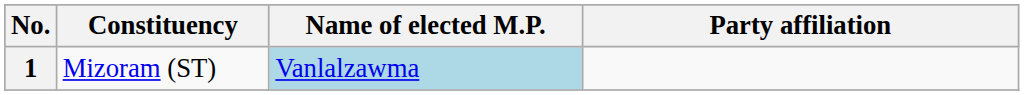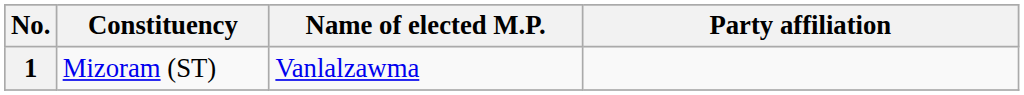 <table class="wikitable">
 <tr style="background:#ccc; text-align:center;">
 <th>No.</th>
 <th style="width:120px">Constituency</th>
 <th style="width:180px">Name of elected M.P.</th>
 <th colspan="2" style="width:18em">Party affiliation</th>
 </tr>
 <tr>
 <th>1</th>
 <td><a href='#'>Mizoram</a> (ST)</td>
-<td style="background: lightblue;"><a href='#'>Vanlalzawma</a></td>
+<td><a href='#'>Vanlalzawma</a></td>
 <td></td>
 </tr>
 </table>
